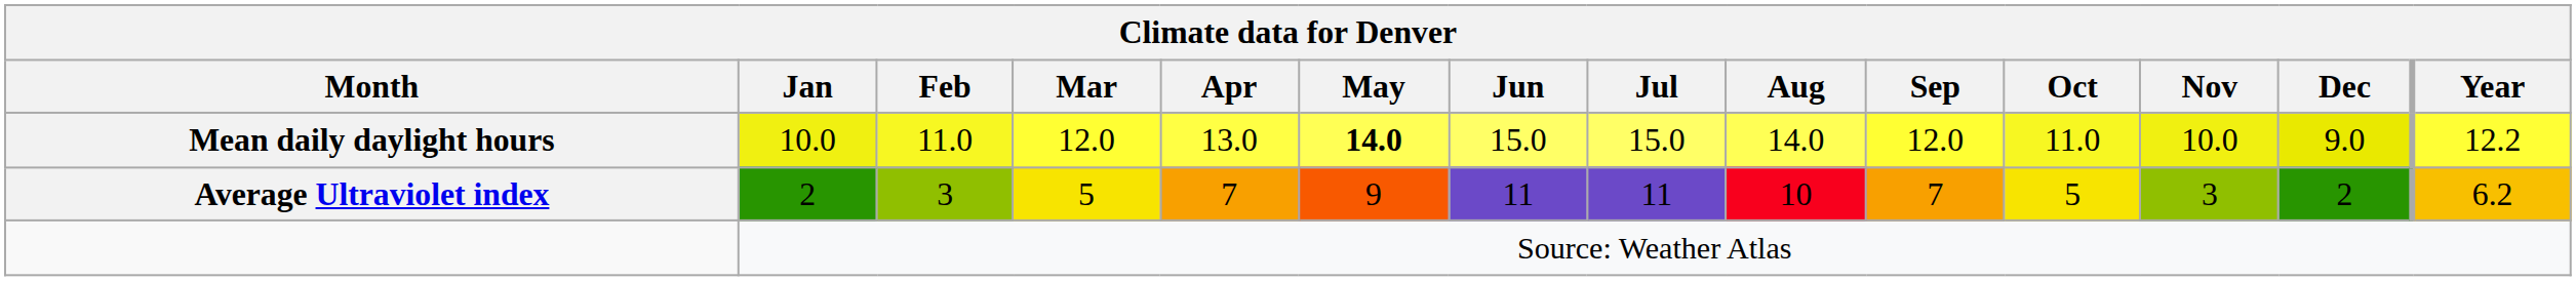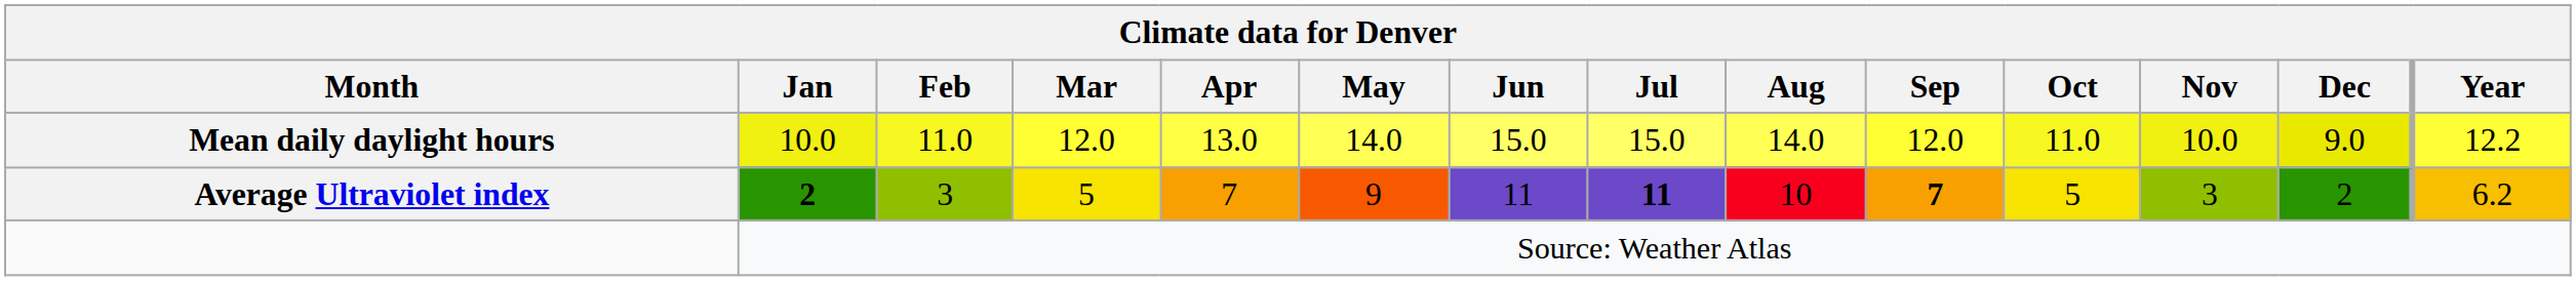 <table style="width:100%;text-align:center;line-height:1.2em;margin-left:auto;margin-right:auto" class="wikitable mw-collapsible mw-collapsed">
 <tr>
 <th Colspan=14>Climate data for Denver</th>
 </tr>
 <tr>
 <th>Month</th>
 <th>Jan</th>
 <th>Feb</th>
 <th>Mar</th>
 <th>Apr</th>
 <th>May</th>
 <th>Jun</th>
 <th>Jul</th>
 <th>Aug</th>
 <th>Sep</th>
 <th>Oct</th>
 <th>Nov</th>
 <th>Dec</th>
 <th style="border-left-width:medium">Year</th>
 </tr>
 <tr>
 <th>Mean daily daylight hours</th>
 <td style="background:#F0F011;color:#000000;">10.0</td>
 <td style="background:#F7F722;color:#000000;">11.0</td>
 <td style="background:#FFFF33;color:#000000;">12.0</td>
 <td style="background:#FFFF44;color:#000000;">13.0</td>
-<td style="background:#FFFF55;color:#000000;"><strong>14.0</strong></td>
+<td style="background:#FFFF55;color:#000000;">14.0</td>
 <td style="background:#FFFF66;color:#000000;">15.0</td>
 <td style="background:#FFFF66;color:#000000;">15.0</td>
 <td style="background:#FFFF55;color:#000000;">14.0</td>
 <td style="background:#FFFF33;color:#000000;">12.0</td>
 <td style="background:#F7F722;color:#000000;">11.0</td>
 <td style="background:#F0F011;color:#000000;">10.0</td>
 <td style="background:#E9E900;color:#000000;">9.0</td>
 <td style="background:#FFFF35;color:#000000;border-left-width:medium">12.2</td>
 </tr>
 <tr>
 <th>Average <a href='#'>Ultraviolet index</a></th>
-<td style="background:#289500;color:#000000;">2</td>
+<td style="background:#289500;color:#000000;"><strong>2</strong></td>
 <td style="background:#90bf00;color:#000000;">3</td>
 <td style="background:#f7e400;color:#000000;">5</td>
 <td style="background:#f8a000;color:#000000;">7</td>
 <td style="background:#f85900;color:#000000;">9</td>
 <td style="background:#6b49c8;color:#000000;">11</td>
-<td style="background:#6b49c8;color:#000000;">11</td>
+<td style="background:#6b49c8;color:#000000;"><strong>11</strong></td>
 <td style="background:#f8001d;color:#000000;">10</td>
-<td style="background:#f8a000;color:#000000;">7</td>
+<td style="background:#f8a000;color:#000000;"><strong>7</strong></td>
 <td style="background:#f7e400;color:#000000;">5</td>
 <td style="background:#90bf00;color:#000000;">3</td>
 <td style="background:#289500;color:#000000;">2</td>
 <td style="background:#f8bf00;color:#000000;border-left-width:medium">6.2</td>
 </tr>
 <tr>
 <td></td>
 <th Colspan=14 style="background:#f8f9fa;font-weight:normal;font-size:95%;">Source: Weather Atlas</th>
 </tr>
 </table>
